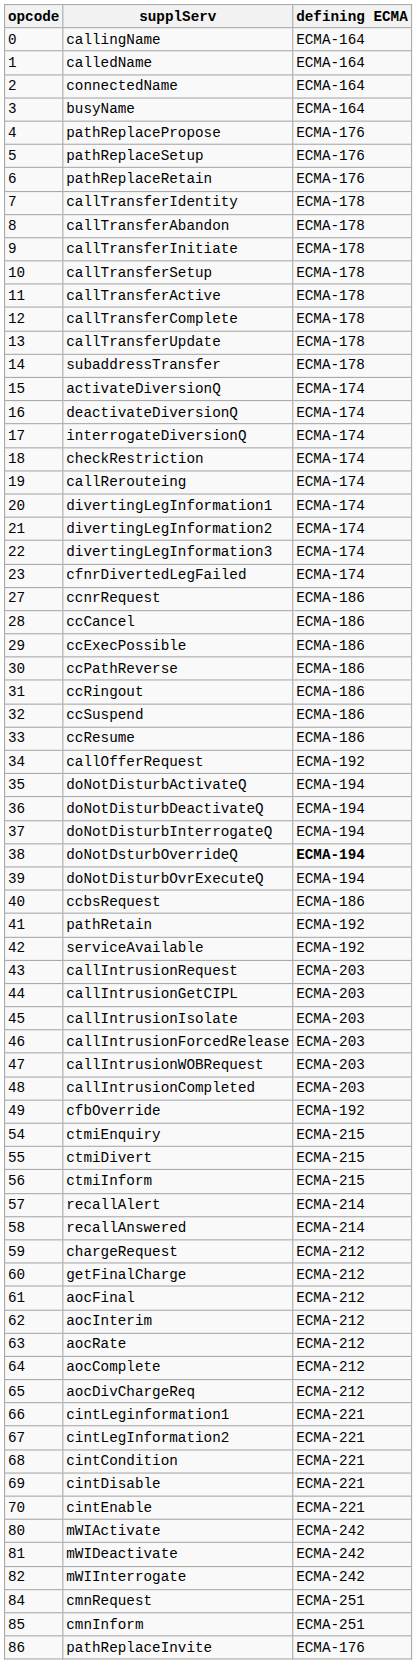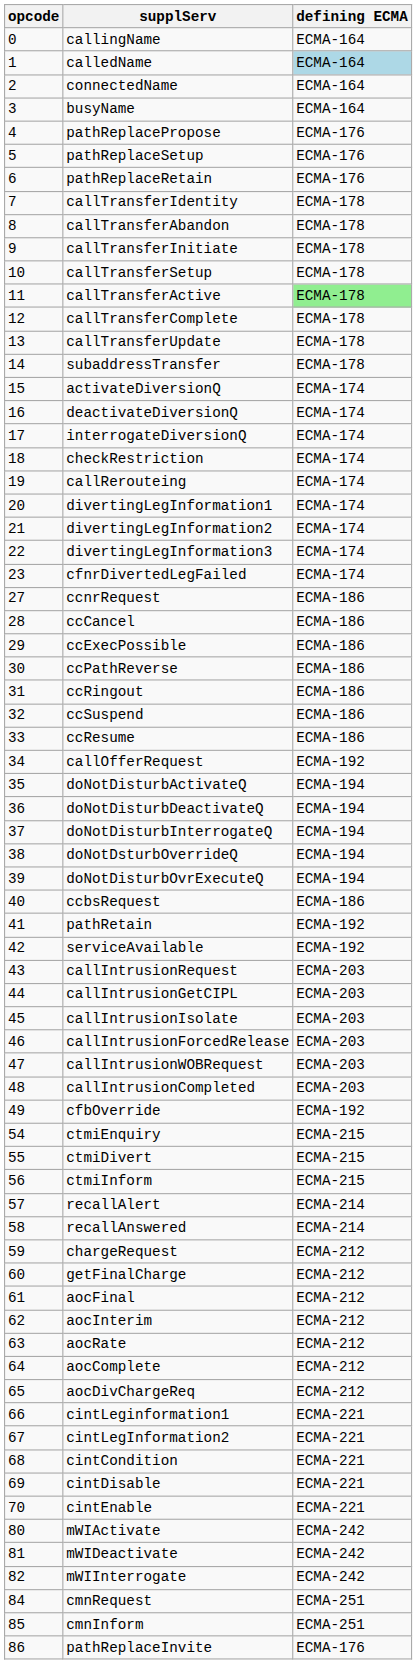 <table class="wikitable">
 <tr>
 <th>opcode</th>
 <th>supplServ</th>
 <th>defining ECMA</th>
 </tr>
 <tr>
 <td>0</td>
 <td>callingName</td>
 <td>ECMA-164</td>
 </tr>
 <tr>
 <td>1</td>
 <td>calledName</td>
-<td>ECMA-164</td>
+<td style="background: lightblue;">ECMA-164</td>
 </tr>
 <tr>
 <td>2</td>
 <td>connectedName</td>
 <td>ECMA-164</td>
 </tr>
 <tr>
 <td>3</td>
 <td>busyName</td>
 <td>ECMA-164</td>
 </tr>
 <tr>
 <td>4</td>
 <td>pathReplacePropose</td>
 <td>ECMA-176</td>
 </tr>
 <tr>
 <td>5</td>
 <td>pathReplaceSetup</td>
 <td>ECMA-176</td>
 </tr>
 <tr>
 <td>6</td>
 <td>pathReplaceRetain</td>
 <td>ECMA-176</td>
 </tr>
 <tr>
 <td>7</td>
 <td>callTransferIdentity</td>
 <td>ECMA-178</td>
 </tr>
 <tr>
 <td>8</td>
 <td>callTransferAbandon</td>
 <td>ECMA-178</td>
 </tr>
 <tr>
 <td>9</td>
 <td>callTransferInitiate</td>
 <td>ECMA-178</td>
 </tr>
 <tr>
 <td>10</td>
 <td>callTransferSetup</td>
 <td>ECMA-178</td>
 </tr>
 <tr>
 <td>11</td>
 <td>callTransferActive</td>
-<td>ECMA-178</td>
+<td style="background: lightgreen;">ECMA-178</td>
 </tr>
 <tr>
 <td>12</td>
 <td>callTransferComplete</td>
 <td>ECMA-178</td>
 </tr>
 <tr>
 <td>13</td>
 <td>callTransferUpdate</td>
 <td>ECMA-178</td>
 </tr>
 <tr>
 <td>14</td>
 <td>subaddressTransfer</td>
 <td>ECMA-178</td>
 </tr>
 <tr>
 <td>15</td>
 <td>activateDiversionQ</td>
 <td>ECMA-174</td>
 </tr>
 <tr>
 <td>16</td>
 <td>deactivateDiversionQ</td>
 <td>ECMA-174</td>
 </tr>
 <tr>
 <td>17</td>
 <td>interrogateDiversionQ</td>
 <td>ECMA-174</td>
 </tr>
 <tr>
 <td>18</td>
 <td>checkRestriction</td>
 <td>ECMA-174</td>
 </tr>
 <tr>
 <td>19</td>
 <td>callRerouteing</td>
 <td>ECMA-174</td>
 </tr>
 <tr>
 <td>20</td>
 <td>divertingLegInformation1</td>
 <td>ECMA-174</td>
 </tr>
 <tr>
 <td>21</td>
 <td>divertingLegInformation2</td>
 <td>ECMA-174</td>
 </tr>
 <tr>
 <td>22</td>
 <td>divertingLegInformation3</td>
 <td>ECMA-174</td>
 </tr>
 <tr>
 <td>23</td>
 <td>cfnrDivertedLegFailed</td>
 <td>ECMA-174</td>
 </tr>
 <tr>
 <td>27</td>
 <td>ccnrRequest</td>
 <td>ECMA-186</td>
 </tr>
 <tr>
 <td>28</td>
 <td>ccCancel</td>
 <td>ECMA-186</td>
 </tr>
 <tr>
 <td>29</td>
 <td>ccExecPossible</td>
 <td>ECMA-186</td>
 </tr>
 <tr>
 <td>30</td>
 <td>ccPathReverse</td>
 <td>ECMA-186</td>
 </tr>
 <tr>
 <td>31</td>
 <td>ccRingout</td>
 <td>ECMA-186</td>
 </tr>
 <tr>
 <td>32</td>
 <td>ccSuspend</td>
 <td>ECMA-186</td>
 </tr>
 <tr>
 <td>33</td>
 <td>ccResume</td>
 <td>ECMA-186</td>
 </tr>
 <tr>
 <td>34</td>
 <td>callOfferRequest</td>
 <td>ECMA-192</td>
 </tr>
 <tr>
 <td>35</td>
 <td>doNotDisturbActivateQ</td>
 <td>ECMA-194</td>
 </tr>
 <tr>
 <td>36</td>
 <td>doNotDisturbDeactivateQ</td>
 <td>ECMA-194</td>
 </tr>
 <tr>
 <td>37</td>
 <td>doNotDisturbInterrogateQ</td>
 <td>ECMA-194</td>
 </tr>
 <tr>
 <td>38</td>
 <td>doNotDsturbOverrideQ</td>
-<td><strong>ECMA-194</strong></td>
+<td>ECMA-194</td>
 </tr>
 <tr>
 <td>39</td>
 <td>doNotDisturbOvrExecuteQ</td>
 <td>ECMA-194</td>
 </tr>
 <tr>
 <td>40</td>
 <td>ccbsRequest</td>
 <td>ECMA-186</td>
 </tr>
 <tr>
 <td>41</td>
 <td>pathRetain</td>
 <td>ECMA-192</td>
 </tr>
 <tr>
 <td>42</td>
 <td>serviceAvailable</td>
 <td>ECMA-192</td>
 </tr>
 <tr>
 <td>43</td>
 <td>callIntrusionRequest</td>
 <td>ECMA-203</td>
 </tr>
 <tr>
 <td>44</td>
 <td>callIntrusionGetCIPL</td>
 <td>ECMA-203</td>
 </tr>
 <tr>
 <td>45</td>
 <td>callIntrusionIsolate</td>
 <td>ECMA-203</td>
 </tr>
 <tr>
 <td>46</td>
 <td>callIntrusionForcedRelease</td>
 <td>ECMA-203</td>
 </tr>
 <tr>
 <td>47</td>
 <td>callIntrusionWOBRequest</td>
 <td>ECMA-203</td>
 </tr>
 <tr>
 <td>48</td>
 <td>callIntrusionCompleted</td>
 <td>ECMA-203</td>
 </tr>
 <tr>
 <td>49</td>
 <td>cfbOverride</td>
 <td>ECMA-192</td>
 </tr>
 <tr>
 <td>54</td>
 <td>ctmiEnquiry</td>
 <td>ECMA-215</td>
 </tr>
 <tr>
 <td>55</td>
 <td>ctmiDivert</td>
 <td>ECMA-215</td>
 </tr>
 <tr>
 <td>56</td>
 <td>ctmiInform</td>
 <td>ECMA-215</td>
 </tr>
 <tr>
 <td>57</td>
 <td>recallAlert</td>
 <td>ECMA-214</td>
 </tr>
 <tr>
 <td>58</td>
 <td>recallAnswered</td>
 <td>ECMA-214</td>
 </tr>
 <tr>
 <td>59</td>
 <td>chargeRequest</td>
 <td>ECMA-212</td>
 </tr>
 <tr>
 <td>60</td>
 <td>getFinalCharge</td>
 <td>ECMA-212</td>
 </tr>
 <tr>
 <td>61</td>
 <td>aocFinal</td>
 <td>ECMA-212</td>
 </tr>
 <tr>
 <td>62</td>
 <td>aocInterim</td>
 <td>ECMA-212</td>
 </tr>
 <tr>
 <td>63</td>
 <td>aocRate</td>
 <td>ECMA-212</td>
 </tr>
 <tr>
 <td>64</td>
 <td>aocComplete</td>
 <td>ECMA-212</td>
 </tr>
 <tr>
 <td>65</td>
 <td>aocDivChargeReq</td>
 <td>ECMA-212</td>
 </tr>
 <tr>
 <td>66</td>
 <td>cintLeginformation1</td>
 <td>ECMA-221</td>
 </tr>
 <tr>
 <td>67</td>
 <td>cintLegInformation2</td>
 <td>ECMA-221</td>
 </tr>
 <tr>
 <td>68</td>
 <td>cintCondition</td>
 <td>ECMA-221</td>
 </tr>
 <tr>
 <td>69</td>
 <td>cintDisable</td>
 <td>ECMA-221</td>
 </tr>
 <tr>
 <td>70</td>
 <td>cintEnable</td>
 <td>ECMA-221</td>
 </tr>
 <tr>
 <td>80</td>
 <td>mWIActivate</td>
 <td>ECMA-242</td>
 </tr>
 <tr>
 <td>81</td>
 <td>mWIDeactivate</td>
 <td>ECMA-242</td>
 </tr>
 <tr>
 <td>82</td>
 <td>mWIInterrogate</td>
 <td>ECMA-242</td>
 </tr>
 <tr>
 <td>84</td>
 <td>cmnRequest</td>
 <td>ECMA-251</td>
 </tr>
 <tr>
 <td>85</td>
 <td>cmnInform</td>
 <td>ECMA-251</td>
 </tr>
 <tr>
 <td>86</td>
 <td>pathReplaceInvite</td>
 <td>ECMA-176</td>
 </tr>
 </table>
